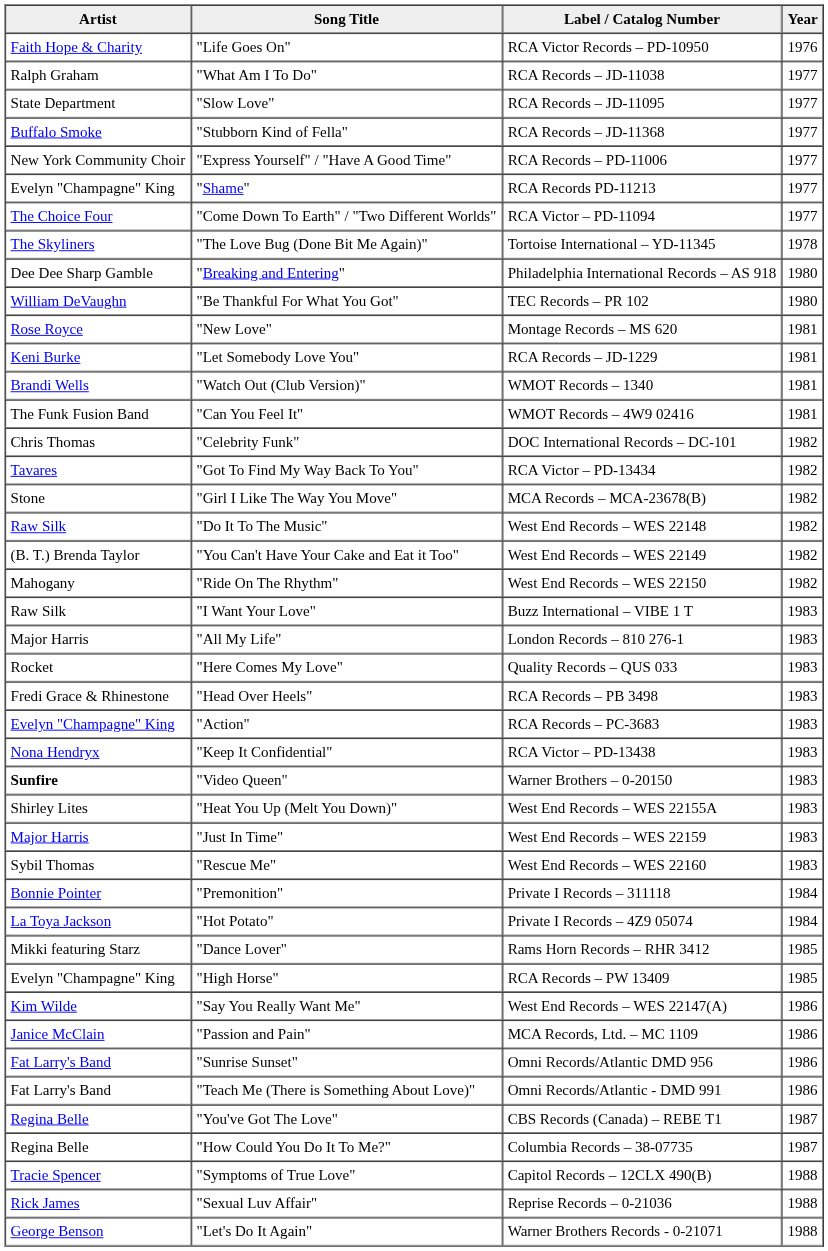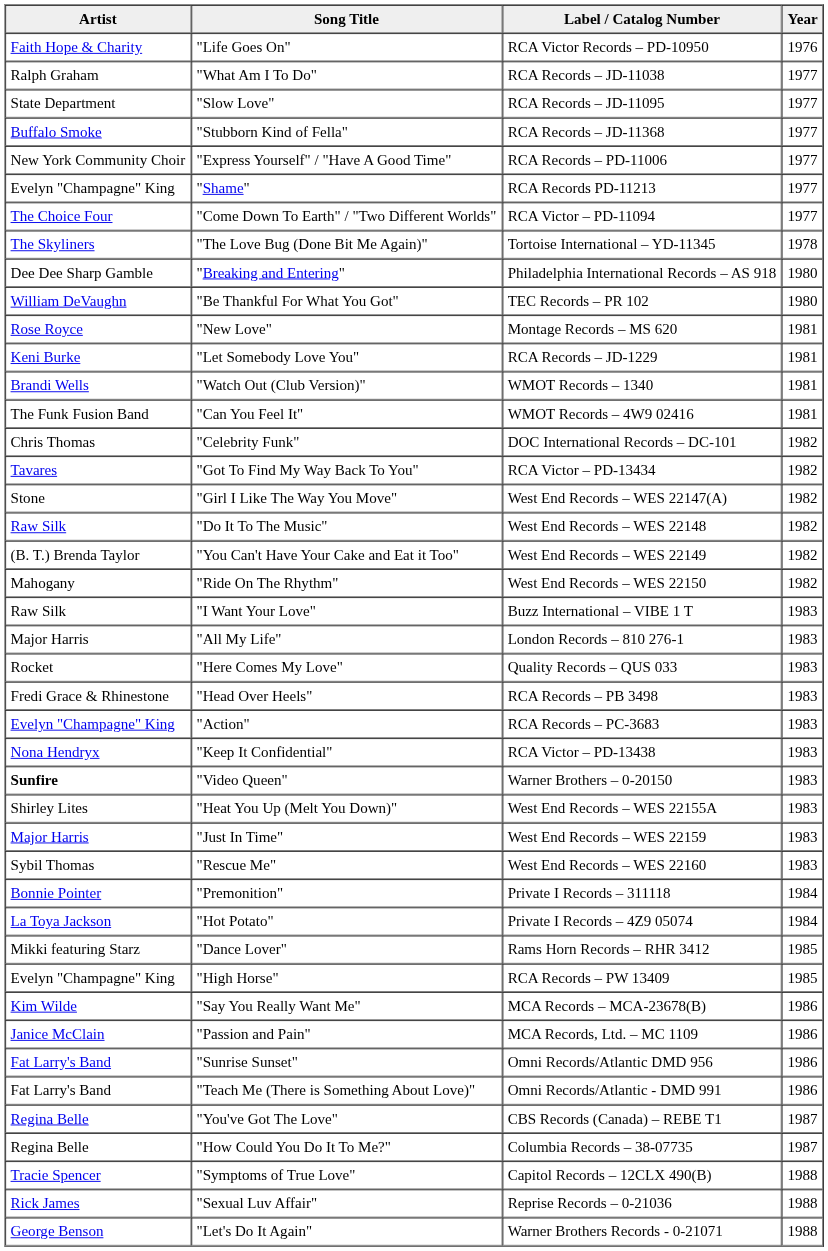 <table border="1" cellpadding="5" cellspacing="0" align="center">
 <tr>
 <th scope="col" style="background:#efefef;">Artist</th>
 <th scope="col" style="background:#efefef;">Song Title</th>
 <th scope="col" style="background:#efefef;">Label / Catalog Number</th>
 <th scope="col" style="background:#efefef;">Year</th>
 </tr>
 <tr>
 <td><a href='#'>Faith Hope & Charity</a></td>
 <td>"Life Goes On"</td>
 <td>RCA Victor Records – PD-10950</td>
 <td>1976</td>
 </tr>
 <tr>
 <td>Ralph Graham</td>
 <td>"What Am I To Do"</td>
 <td>RCA Records – JD-11038</td>
 <td>1977</td>
 </tr>
 <tr>
 <td>State Department</td>
 <td>"Slow Love"</td>
 <td>RCA Records – JD-11095</td>
 <td>1977</td>
 </tr>
 <tr>
 <td><a href='#'>Buffalo Smoke</a></td>
 <td>"Stubborn Kind of Fella"</td>
 <td>RCA Records – JD-11368</td>
 <td>1977</td>
 </tr>
 <tr>
 <td>New York Community Choir</td>
 <td>"Express Yourself" / "Have A Good Time"</td>
 <td>RCA Records – PD-11006</td>
 <td>1977</td>
 </tr>
 <tr>
 <td>Evelyn "Champagne" King</td>
 <td>"<a href='#'>Shame</a>"</td>
 <td>RCA Records PD-11213</td>
 <td>1977</td>
 </tr>
 <tr>
 <td><a href='#'>The Choice Four</a></td>
 <td>"Come Down To Earth" / "Two Different Worlds"</td>
 <td>RCA Victor – PD-11094</td>
 <td>1977</td>
 </tr>
 <tr>
 <td><a href='#'>The Skyliners</a></td>
 <td>"The Love Bug (Done Bit Me Again)"</td>
 <td>Tortoise International – YD-11345</td>
 <td>1978</td>
 </tr>
 <tr>
 <td>Dee Dee Sharp Gamble</td>
 <td>"<a href='#'>Breaking and Entering</a>"</td>
 <td>Philadelphia International Records – AS 918</td>
 <td>1980</td>
 </tr>
 <tr>
 <td><a href='#'>William DeVaughn</a></td>
 <td>"Be Thankful For What You Got"</td>
 <td>TEC Records – PR 102</td>
 <td>1980</td>
 </tr>
 <tr>
 <td><a href='#'>Rose Royce</a></td>
 <td>"New Love"</td>
 <td>Montage Records – MS 620</td>
 <td>1981</td>
 </tr>
 <tr>
 <td><a href='#'>Keni Burke</a></td>
 <td>"Let Somebody Love You"</td>
 <td>RCA Records – JD-1229</td>
 <td>1981</td>
 </tr>
 <tr>
 <td><a href='#'>Brandi Wells</a></td>
 <td>"Watch Out (Club Version)"</td>
 <td>WMOT Records – 1340</td>
 <td>1981</td>
 </tr>
 <tr>
 <td>The Funk Fusion Band</td>
 <td>"Can You Feel It"</td>
 <td>WMOT Records – 4W9 02416</td>
 <td>1981</td>
 </tr>
 <tr>
 <td>Chris Thomas</td>
 <td>"Celebrity Funk"</td>
 <td>DOC International Records – DC-101</td>
 <td>1982</td>
 </tr>
 <tr>
 <td><a href='#'>Tavares</a></td>
 <td>"Got To Find My Way Back To You"</td>
 <td>RCA Victor – PD-13434</td>
 <td>1982</td>
 </tr>
 <tr>
 <td>Stone</td>
 <td>"Girl I Like The Way You Move"</td>
-<td>MCA Records – MCA-23678(B)</td>
+<td>West End Records – WES 22147(A)</td>
 <td>1982</td>
 </tr>
 <tr>
 <td><a href='#'>Raw Silk</a></td>
 <td>"Do It To The Music"</td>
 <td>West End Records – WES 22148</td>
 <td>1982</td>
 </tr>
 <tr>
 <td>(B. T.) Brenda Taylor</td>
 <td>"You Can't Have Your Cake and Eat it Too"</td>
 <td>West End Records – WES 22149</td>
 <td>1982</td>
 </tr>
 <tr>
 <td>Mahogany</td>
 <td>"Ride On The Rhythm"</td>
 <td>West End Records – WES 22150</td>
 <td>1982</td>
 </tr>
 <tr>
 <td>Raw Silk</td>
 <td>"I Want Your Love"</td>
 <td>Buzz International – VIBE 1 T</td>
 <td>1983</td>
 </tr>
 <tr>
 <td>Major Harris</td>
 <td>"All My Life"</td>
 <td>London Records – 810 276-1</td>
 <td>1983</td>
 </tr>
 <tr>
 <td>Rocket</td>
 <td>"Here Comes My Love"</td>
 <td>Quality Records – QUS 033</td>
 <td>1983</td>
 </tr>
 <tr>
 <td>Fredi Grace & Rhinestone</td>
 <td>"Head Over Heels"</td>
 <td>RCA Records – PB 3498</td>
 <td>1983</td>
 </tr>
 <tr>
 <td><a href='#'>Evelyn "Champagne" King</a></td>
 <td>"Action"</td>
 <td>RCA Records – PC-3683</td>
 <td>1983</td>
 </tr>
 <tr>
 <td><a href='#'>Nona Hendryx</a></td>
 <td>"Keep It Confidential"</td>
 <td>RCA Victor – PD-13438</td>
 <td>1983</td>
 </tr>
 <tr>
 <td><strong>Sunfire</strong></td>
 <td>"Video Queen"</td>
 <td>Warner Brothers – 0-20150</td>
 <td>1983</td>
 </tr>
 <tr>
 <td>Shirley Lites</td>
 <td>"Heat You Up (Melt You Down)"</td>
 <td>West End Records – WES 22155A</td>
 <td>1983</td>
 </tr>
 <tr>
 <td><a href='#'>Major Harris</a></td>
 <td>"Just In Time"</td>
 <td>West End Records – WES 22159</td>
 <td>1983</td>
 </tr>
 <tr>
 <td>Sybil Thomas</td>
 <td>"Rescue Me"</td>
 <td>West End Records – WES 22160</td>
 <td>1983</td>
 </tr>
 <tr>
 <td><a href='#'>Bonnie Pointer</a></td>
 <td>"Premonition"</td>
 <td>Private I Records – 311118</td>
 <td>1984</td>
 </tr>
 <tr>
 <td><a href='#'>La Toya Jackson</a></td>
 <td>"Hot Potato"</td>
 <td>Private I Records – 4Z9 05074</td>
 <td>1984</td>
 </tr>
 <tr>
 <td>Mikki featuring Starz</td>
 <td>"Dance Lover"</td>
 <td>Rams Horn Records – RHR 3412</td>
 <td>1985</td>
 </tr>
 <tr>
 <td>Evelyn "Champagne" King</td>
 <td>"High Horse"</td>
 <td>RCA Records – PW 13409</td>
 <td>1985</td>
 </tr>
 <tr>
 <td><a href='#'>Kim Wilde</a></td>
 <td>"Say You Really Want Me"</td>
-<td>West End Records – WES 22147(A)</td>
+<td>MCA Records – MCA-23678(B)</td>
 <td>1986</td>
 </tr>
 <tr>
 <td><a href='#'>Janice McClain</a></td>
 <td>"Passion and Pain"</td>
 <td>MCA Records, Ltd. – MC 1109</td>
 <td>1986</td>
 </tr>
 <tr>
 <td><a href='#'>Fat Larry's Band</a></td>
 <td>"Sunrise Sunset"</td>
 <td>Omni Records/Atlantic DMD 956</td>
 <td>1986</td>
 </tr>
 <tr>
 <td>Fat Larry's Band</td>
 <td>"Teach Me (There is Something About Love)"</td>
 <td>Omni Records/Atlantic - DMD 991</td>
 <td>1986</td>
 </tr>
 <tr>
 <td><a href='#'>Regina Belle</a></td>
 <td>"You've Got The Love"</td>
 <td>CBS Records (Canada) – REBE T1</td>
 <td>1987</td>
 </tr>
 <tr>
 <td>Regina Belle</td>
 <td>"How Could You Do It To Me?"</td>
 <td>Columbia Records – 38-07735</td>
 <td>1987</td>
 </tr>
 <tr>
 <td><a href='#'>Tracie Spencer</a></td>
 <td>"Symptoms of True Love"</td>
 <td>Capitol Records – 12CLX 490(B)</td>
 <td>1988</td>
 </tr>
 <tr>
 <td><a href='#'>Rick James</a></td>
 <td>"Sexual Luv Affair"</td>
 <td>Reprise Records – 0-21036</td>
 <td>1988</td>
 </tr>
 <tr>
 <td><a href='#'>George Benson</a></td>
 <td>"Let's Do It Again"</td>
 <td>Warner Brothers Records - 0-21071</td>
 <td>1988</td>
 </tr>
 </table>
